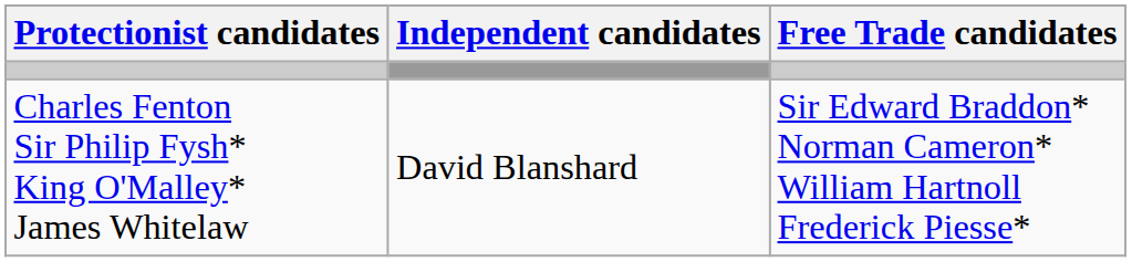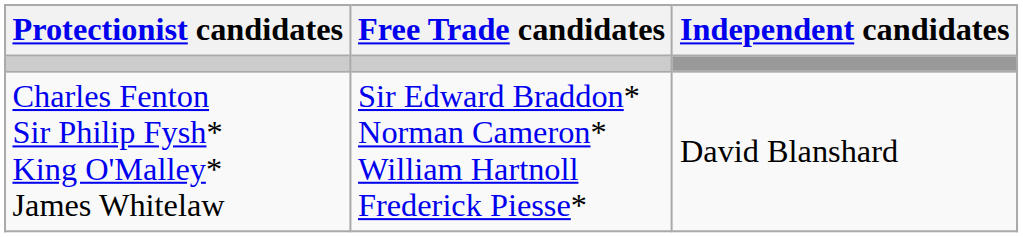 <table class="wikitable">
 <tr>
 <th><a href='#'>Protectionist</a> candidates</th>
+<th><a href='#'>Free Trade</a> candidates</th>
 <th><a href='#'>Independent</a> candidates</th>
-<th><a href='#'>Free Trade</a> candidates</th>
 </tr>
 <tr bgcolor="#cccccc">
 <td></td>
+<td></td>
 <td bgcolor="#999999"></td>
-<td></td>
 </tr>
 <tr>
 <td><a href='#'>Charles Fenton</a><br><a href='#'>Sir Philip Fysh</a>*<br><a href='#'>King O'Malley</a>*<br>James Whitelaw</td>
+<td><a href='#'>Sir Edward Braddon</a>*<br><a href='#'>Norman Cameron</a>*<br><a href='#'>William Hartnoll</a><br><a href='#'>Frederick Piesse</a>*</td>
 <td>David Blanshard</td>
-<td><a href='#'>Sir Edward Braddon</a>*<br><a href='#'>Norman Cameron</a>*<br><a href='#'>William Hartnoll</a><br><a href='#'>Frederick Piesse</a>*</td>
 </tr>
 </table>
